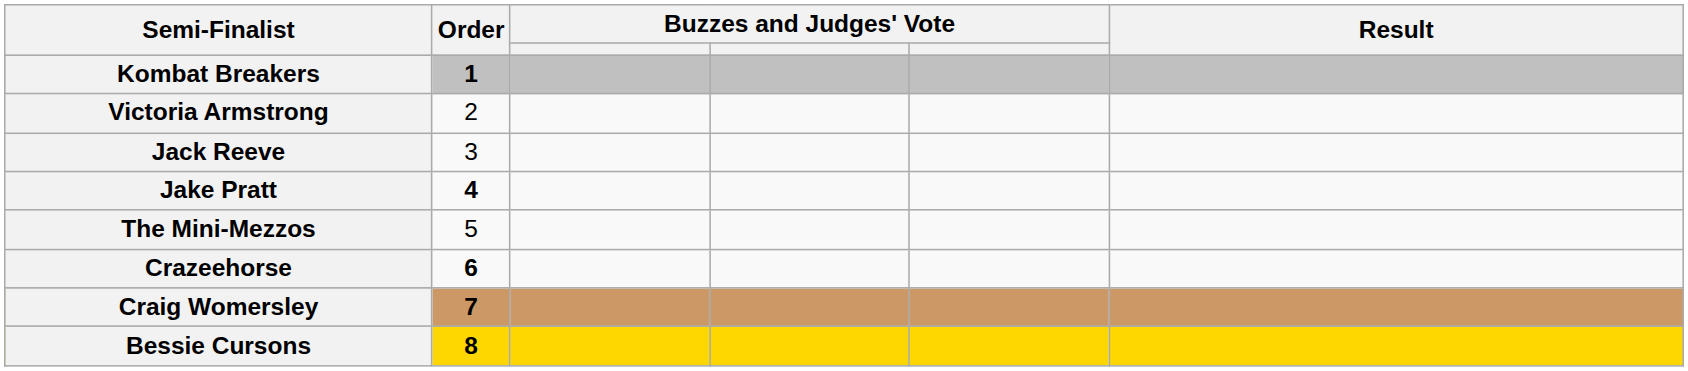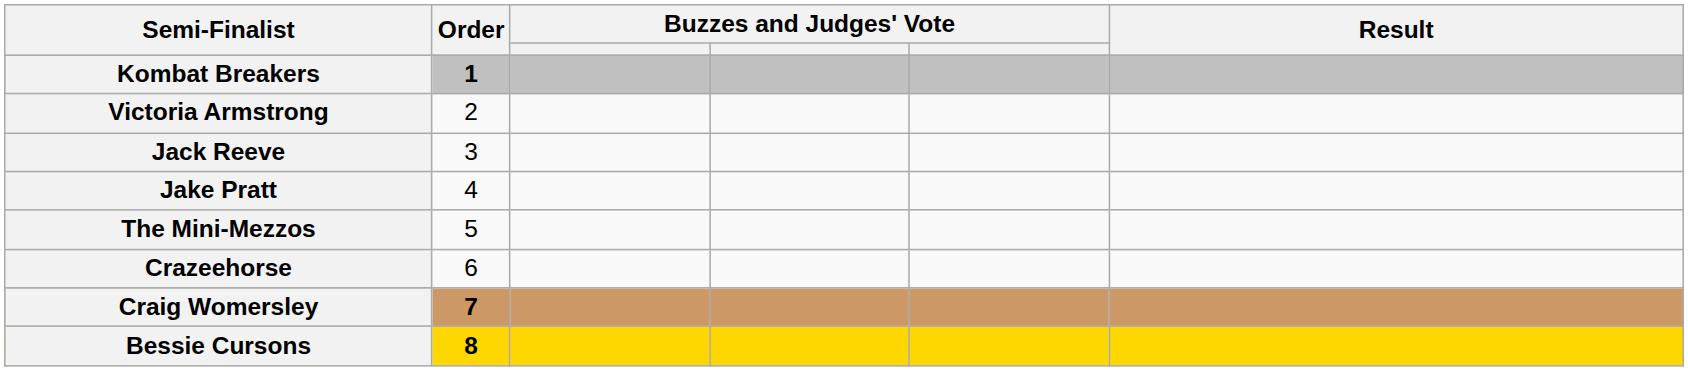 <table class="wikitable plainrowheaders sortable" style="text-align:center;">
 <tr>
 <th scope="col" rowspan="2" class="unsortable" style="width:17em;">Semi-Finalist</th>
 <th scope="col" rowspan="2" style="width:1em;">Order</th>
 <th scope="col" colspan="3" class="unsortable" style="width:24em;">Buzzes and Judges' Vote</th>
 <th scope="col" rowspan="2" style="width:23em;">Result</th>
 </tr>
 <tr>
 <th scope="col" class="unsortable" style="width:6em;"></th>
 <th scope="col" class="unsortable" style="width:6em;"></th>
 <th scope="col" class="unsortable" style="width:6em;"></th>
 </tr>
 <tr bgcolor=silver>
 <th scope="row"><strong>Kombat Breakers</strong></th>
 <td><strong>1</strong></td>
 <td style="text-align:center;"></td>
 <td style="text-align:center;"></td>
 <td style="text-align:center;"></td>
 <td><strong></strong></td>
 </tr>
 <tr>
 <th scope="row">Victoria Armstrong</th>
 <td>2</td>
 <td style="text-align:center;"></td>
 <td style="text-align:center;"></td>
 <td style="text-align:center;"></td>
 <td></td>
 </tr>
 <tr>
 <th scope="row">Jack Reeve</th>
 <td>3</td>
 <td style="text-align:center;"></td>
 <td style="text-align:center;"></td>
 <td style="text-align:center;"></td>
 <td></td>
 </tr>
 <tr>
 <th scope="row">Jake Pratt</th>
-<td><strong>4</strong></td>
+<td>4</td>
 <td style="text-align:center;"></td>
 <td style="text-align:center;"></td>
 <td style="text-align:center;"></td>
 <td></td>
 </tr>
 <tr>
 <th scope="row">The Mini-Mezzos</th>
 <td>5</td>
 <td style="text-align:center;"></td>
 <td style="text-align:center;"></td>
 <td style="text-align:center;"></td>
 <td></td>
 </tr>
 <tr>
 <th scope="row">Crazeehorse</th>
-<td><strong>6</strong></td>
+<td>6</td>
 <td style="text-align:center;"></td>
 <td style="text-align:center;"></td>
 <td style="text-align:center;"></td>
 <td></td>
 </tr>
 <tr bgcolor=#c96>
 <th scope="row"><strong>Craig Womersley</strong></th>
 <td><strong>7</strong></td>
 <td style="text-align:center;"></td>
 <td style="text-align:center;"></td>
 <td style="text-align:center;"></td>
 <td><strong></strong></td>
 </tr>
 <tr bgcolor=gold>
 <th scope="row"><strong>Bessie Cursons</strong></th>
 <td><strong>8</strong></td>
 <td style="text-align:center;"></td>
 <td style="text-align:center;"></td>
 <td style="text-align:center;"></td>
 <td><strong></strong></td>
 </tr>
 </table>
